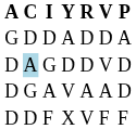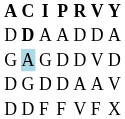 <table>
 <tr>
 <th>A</th>
 <th>C</th>
 <th>I</th>
-<th>Y</th>
+<th>P</th>
 <th>R</th>
 <th>V</th>
-<th>P</th>
+<th>Y</th>
 </tr>
 <tr>
-<td>G</td>
 <td>D</td>
-<td>D</td>
+<td><strong>D</strong></td>
+<td>A</td>
 <td>A</td>
 <td>D</td>
 <td>D</td>
 <td>A</td>
 </tr>
 <tr>
-<td>D</td>
+<td>G</td>
 <td style="background: lightblue;">A</td>
 <td>G</td>
 <td>D</td>
 <td>D</td>
 <td>V</td>
 <td>D</td>
 </tr>
 <tr>
 <td>D</td>
 <td>G</td>
+<td>D</td>
+<td>D</td>
+<td>A</td>
 <td>A</td>
 <td>V</td>
-<td>A</td>
-<td>A</td>
-<td>D</td>
 </tr>
 <tr>
 <td>D</td>
 <td>D</td>
 <td>F</td>
-<td>X</td>
+<td>F</td>
 <td>V</td>
 <td>F</td>
-<td>F</td>
+<td>X</td>
 </tr>
 </table>
